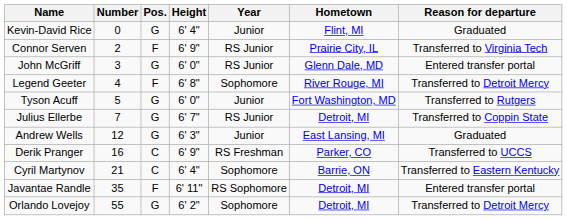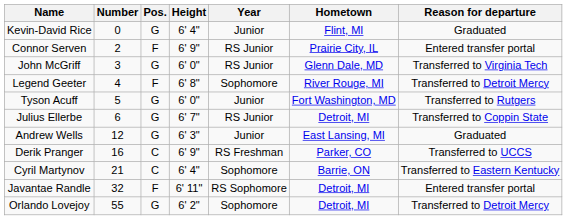 <table class="wikitable sortable" style="text-align:center">
 <tr align=center>
 <th>Name</th>
 <th>Number</th>
 <th>Pos.</th>
 <th>Height</th>
 <th>Year</th>
 <th>Hometown</th>
 <th class="unsortable">Reason for departure</th>
 </tr>
 <tr>
 <td>Kevin-David Rice</td>
 <td>0</td>
 <td>G</td>
 <td>6' 4"</td>
 <td>Junior</td>
 <td><a href='#'>Flint, MI</a></td>
 <td>Graduated</td>
 </tr>
 <tr>
 <td>Connor Serven</td>
 <td>2</td>
 <td>F</td>
 <td>6' 9"</td>
 <td>RS Junior</td>
 <td><a href='#'>Prairie City, IL</a></td>
-<td>Transferred to <a href='#'>Virginia Tech</a></td>
+<td>Entered transfer portal</td>
 </tr>
 <tr>
 <td>John McGriff</td>
 <td>3</td>
 <td>G</td>
 <td>6' 0"</td>
 <td>RS Junior</td>
 <td><a href='#'>Glenn Dale, MD</a></td>
-<td>Entered transfer portal</td>
+<td>Transferred to <a href='#'>Virginia Tech</a></td>
 </tr>
 <tr>
 <td>Legend Geeter</td>
 <td>4</td>
 <td>F</td>
 <td>6' 8"</td>
 <td>Sophomore</td>
 <td><a href='#'>River Rouge, MI</a></td>
 <td>Transferred to <a href='#'>Detroit Mercy</a></td>
 </tr>
 <tr>
 <td>Tyson Acuff</td>
 <td>5</td>
 <td>G</td>
 <td>6' 0"</td>
 <td>Junior</td>
 <td><a href='#'>Fort Washington, MD</a></td>
 <td>Transferred to <a href='#'>Rutgers</a></td>
 </tr>
 <tr>
 <td>Julius Ellerbe</td>
-<td>7</td>
+<td>6</td>
 <td>G</td>
 <td>6' 7"</td>
 <td>RS Junior</td>
 <td><a href='#'>Detroit, MI</a></td>
 <td>Transferred to <a href='#'>Coppin State</a></td>
 </tr>
 <tr>
 <td>Andrew Wells</td>
 <td>12</td>
 <td>G</td>
 <td>6' 3"</td>
 <td>Junior</td>
 <td><a href='#'>East Lansing, MI</a></td>
 <td>Graduated</td>
 </tr>
 <tr>
 <td>Derik Pranger</td>
 <td>16</td>
 <td>C</td>
 <td>6' 9"</td>
 <td>RS Freshman</td>
 <td><a href='#'>Parker, CO</a></td>
 <td>Transferred to <a href='#'>UCCS</a></td>
 </tr>
 <tr>
 <td>Cyril Martynov</td>
 <td>21</td>
 <td>C</td>
 <td>6' 4"</td>
 <td>Sophomore</td>
 <td><a href='#'>Barrie, ON</a></td>
 <td>Transferred to <a href='#'>Eastern Kentucky</a></td>
 </tr>
 <tr>
 <td>Javantae Randle</td>
-<td>35</td>
+<td>32</td>
 <td>F</td>
 <td>6' 11"</td>
 <td>RS Sophomore</td>
 <td><a href='#'>Detroit, MI</a></td>
 <td>Entered transfer portal</td>
 </tr>
 <tr>
 <td>Orlando Lovejoy</td>
 <td>55</td>
 <td>G</td>
 <td>6' 2"</td>
 <td>Sophomore</td>
 <td><a href='#'>Detroit, MI</a></td>
 <td>Transferred to <a href='#'>Detroit Mercy</a></td>
 </tr>
 </table>
